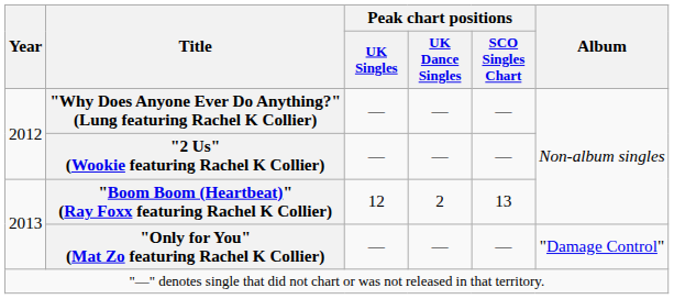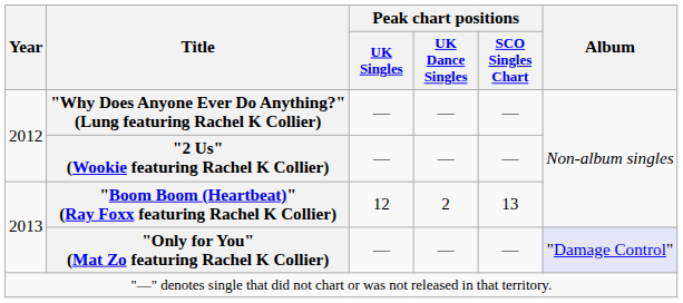 <table class="wikitable plainrowheaders" style="text-align:center;">
 <tr>
 <th scope="col" rowspan="2">Year</th>
 <th scope="col" rowspan="2">Title</th>
 <th scope="col" colspan="3">Peak chart positions</th>
 <th scope="col" rowspan="2">Album</th>
 </tr>
 <tr>
 <th scope="col" style="width:4em;font-size:85%;"><a href='#'>UK Singles</a><br></th>
 <th scope="col" style="width:4em;font-size:85%;"><a href='#'>UK Dance Singles</a><br></th>
 <th scope="col" style="width:4em;font-size:85%;"><a href='#'>SCO Singles Chart</a><br></th>
 </tr>
 <tr>
 <td rowspan="2">2012</td>
 <th scope="row">"Why Does Anyone Ever Do Anything?"<br><span>(Lung featuring <strong>Rachel K Collier</strong>)</span></th>
 <td>—</td>
 <td>—</td>
 <td>—</td>
 <td rowspan="3"><em>Non-album singles</em></td>
 </tr>
 <tr>
 <th scope="row">"2 Us"<br><span>(<a href='#'>Wookie</a> featuring <strong>Rachel K Collier</strong>)</span></th>
 <td>—</td>
 <td>—</td>
 <td>—</td>
 </tr>
 <tr>
 <td rowspan="2">2013</td>
 <th scope="row">"<a href='#'>Boom Boom (Heartbeat)</a>"<br><span>(<a href='#'>Ray Foxx</a> featuring <strong>Rachel K Collier</strong>)</span></th>
 <td>12</td>
 <td>2</td>
 <td>13</td>
 </tr>
 <tr>
 <th scope="row">"Only for You"<br><span>(<a href='#'>Mat Zo</a> featuring <strong>Rachel K Collier</strong>)</span></th>
 <td>—</td>
 <td>—</td>
 <td>—</td>
-<td>"<a href='#'>Damage Control</a>"</td>
+<td style="background: lavender;">"<a href='#'>Damage Control</a>"</td>
 </tr>
 <tr>
 <td colspan="9" style="font-size:85%">"—" denotes single that did not chart or was not released in that territory.</td>
 </tr>
 </table>
